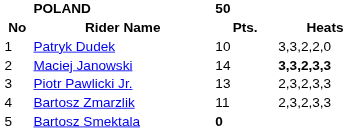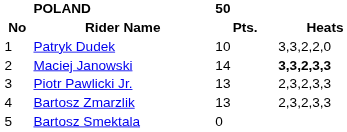 <table class="toccolours">
 <tr>
 <td></td>
 <td><strong>POLAND</strong></td>
 <td><strong>50</strong></td>
 </tr>
 <tr style="background-color:">
 <th width=30px>No</th>
 <th width=210px>Rider Name</th>
 <th width=70px>Pts.</th>
 <th width=110px>Heats</th>
 </tr>
 <tr style="background-color:">
 <td>1</td>
 <td><a href='#'>Patryk Dudek</a></td>
 <td>10</td>
 <td>3,3,2,2,0</td>
 </tr>
 <tr style="background-color:">
 <td>2</td>
 <td><a href='#'>Maciej Janowski</a></td>
 <td>14</td>
 <td><strong>3,3,2,3,3</strong></td>
 </tr>
 <tr style="background-color:">
 <td>3</td>
 <td><a href='#'>Piotr Pawlicki Jr.</a></td>
 <td>13</td>
 <td>2,3,2,3,3</td>
 </tr>
 <tr style="background-color:">
 <td>4</td>
 <td><a href='#'>Bartosz Zmarzlik</a></td>
-<td>11</td>
+<td>13</td>
 <td>2,3,2,3,3</td>
 </tr>
 <tr style="background-color:">
 <td>5</td>
 <td><a href='#'>Bartosz Smektala</a></td>
-<td><strong>0</strong></td>
+<td>0</td>
 <td></td>
 </tr>
 </table>
